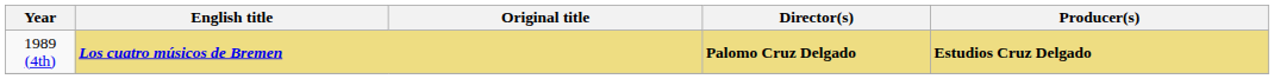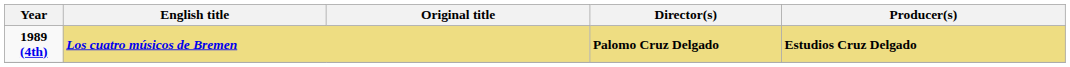 <table class="wikitable sortable" width="100%" cellpadding="5">
 <tr>
 <th width="50">Year</th>
 <th width="250">English title</th>
 <th width="250">Original title</th>
 <th width="180">Director(s)</th>
 <th width="270">Producer(s)</th>
 </tr>
 <tr>
-<td rowspan="1" style="text-align:center;">1989<br><a href='#'>(4th)</a></td>
+<td rowspan="1" style="text-align:center;"><strong>1989<br><a href='#'>(4th)</a></strong></td>
 <td colspan="2" style="background:#eedd82;"><strong><em><a href='#'>Los cuatro músicos de Bremen</a></em></strong></td>
 <td style="background:#eedd82;"><strong>Palomo Cruz Delgado</strong></td>
 <td style="background:#eedd82;"><strong>Estudios Cruz Delgado</strong></td>
 </tr>
 <tr>
 </tr>
 </table>
